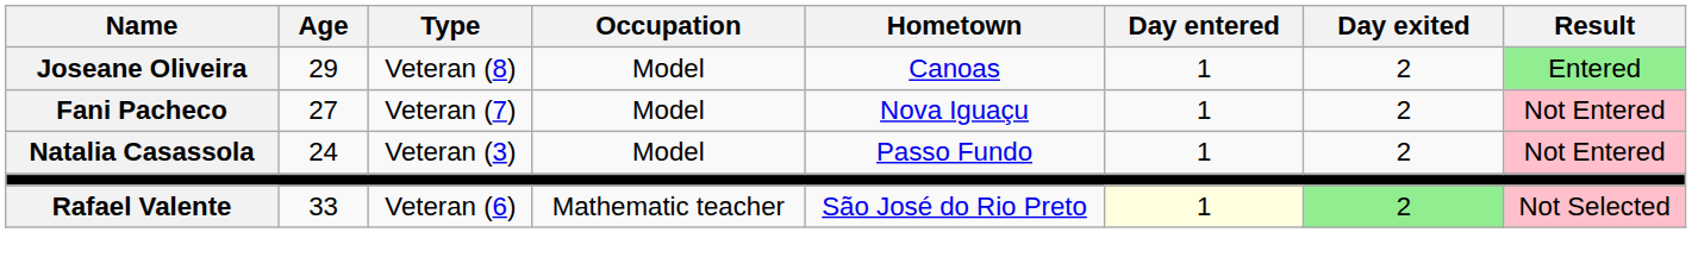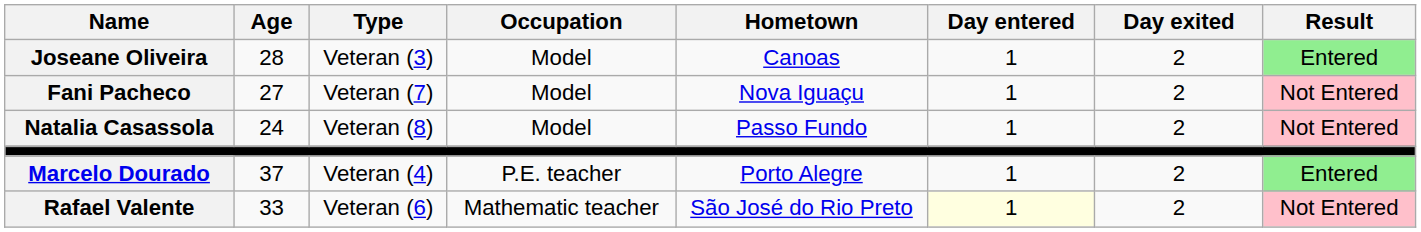 <table class="wikitable sortable" style="text-align:center;">
 <tr>
 <th scope="col" width="15.0%">Name</th>
 <th scope="col" width="05.0%">Age</th>
 <th scope="col" width="09.0%">Type</th>
 <th scope="col" width="15.0%">Occupation</th>
 <th scope="col" width="16.5%">Hometown</th>
 <th scope="col" width="11.0%">Day entered</th>
 <th scope="col" width="11.0%">Day exited</th>
 <th scope="col" width="10.0%">Result</th>
 </tr>
 <tr>
 <th>Joseane Oliveira</th>
-<td>29</td>
-<td>Veteran (<a href='#'>8</a>)</td>
+<td>28</td>
+<td>Veteran (<a href='#'>3</a>)</td>
 <td>Model</td>
 <td><a href='#'>Canoas</a></td>
 <td>1</td>
 <td>2</td>
 <td bgcolor=90EE90>Entered</td>
 </tr>
 <tr>
 <th>Fani Pacheco</th>
 <td>27</td>
 <td>Veteran (<a href='#'>7</a>)</td>
 <td>Model</td>
 <td><a href='#'>Nova Iguaçu</a></td>
 <td>1</td>
 <td>2</td>
 <td bgcolor=FFC0CB>Not Entered</td>
 </tr>
 <tr>
 <th>Natalia Casassola</th>
 <td>24</td>
-<td>Veteran (<a href='#'>3</a>)</td>
+<td>Veteran (<a href='#'>8</a>)</td>
 <td>Model</td>
 <td><a href='#'>Passo Fundo</a></td>
 <td>1</td>
 <td>2</td>
 <td bgcolor=FFC0CB>Not Entered</td>
 </tr>
 <tr>
 <td bgcolor="#000000" colspan="8"></td>
 </tr>
 <tr>
+<th><a href='#'>Marcelo Dourado</a></th>
+<td>37</td>
+<td>Veteran (<a href='#'>4</a>)</td>
+<td>P.E. teacher</td>
+<td><a href='#'>Porto Alegre</a></td>
+<td>1</td>
+<td>2</td>
+<td bgcolor=90EE90>Entered</td>
+</tr>
+<tr>
 <th>Rafael Valente</th>
 <td>33</td>
 <td>Veteran (<a href='#'>6</a>)</td>
 <td>Mathematic teacher</td>
 <td><a href='#'>São José do Rio Preto</a></td>
 <td style="background: lightyellow;">1</td>
-<td style="background: lightgreen;">2</td>
-<td bgcolor=FFC0CB>Not Selected</td>
+<td>2</td>
+<td bgcolor=FFC0CB>Not Entered</td>
 </tr>
 </table>
